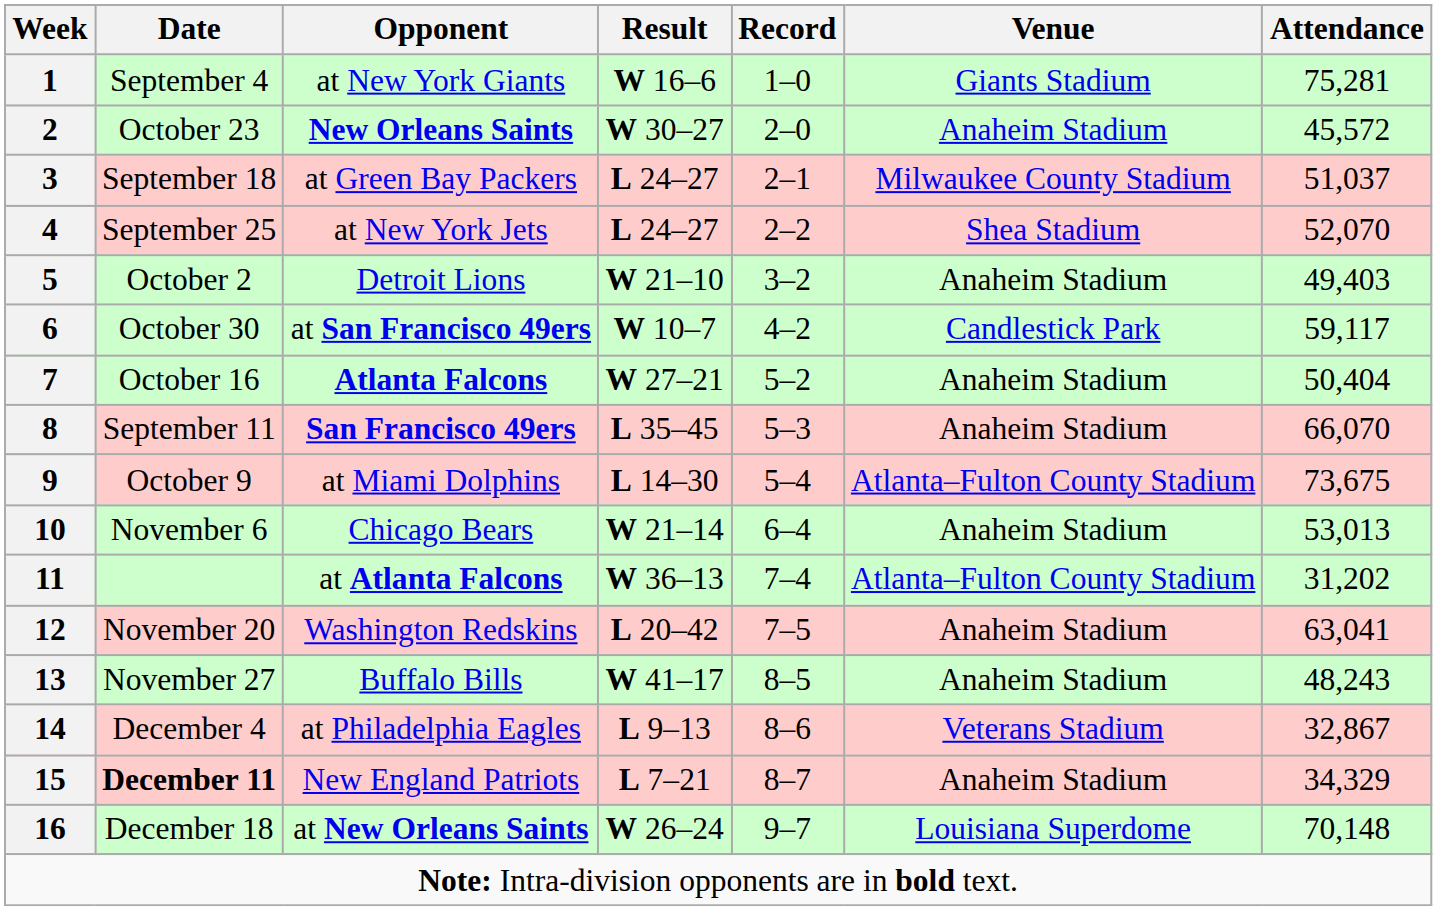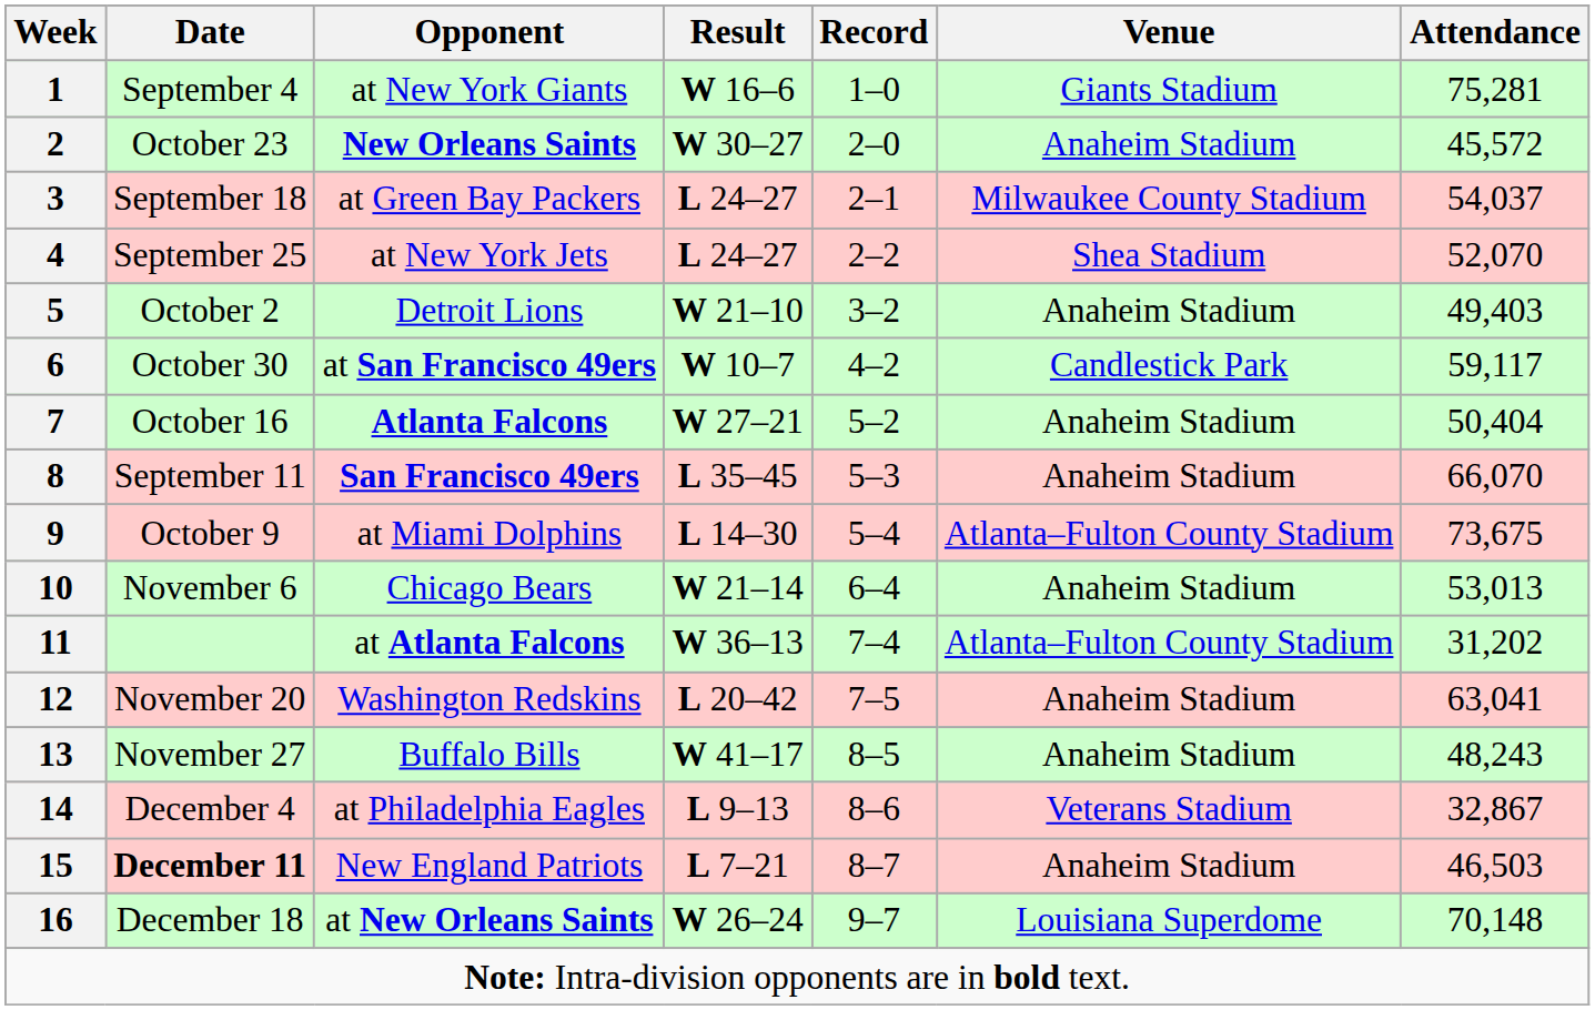 <table class="wikitable" style="text-align:center">
 <tr>
 <th>Week</th>
 <th>Date</th>
 <th>Opponent</th>
 <th>Result</th>
 <th>Record</th>
 <th>Venue</th>
 <th>Attendance</th>
 </tr>
 <tr style="background:#cfc">
 <th>1</th>
 <td>September 4</td>
 <td>at <a href='#'>New York Giants</a></td>
 <td><strong>W</strong> 16–6</td>
 <td>1–0</td>
 <td><a href='#'>Giants Stadium</a></td>
 <td>75,281</td>
 </tr>
 <tr style="background:#cfc">
 <th>2</th>
 <td>October 23</td>
 <td><strong><a href='#'>New Orleans Saints</a></strong></td>
 <td><strong>W</strong> 30–27</td>
 <td>2–0</td>
 <td><a href='#'>Anaheim Stadium</a></td>
 <td>45,572</td>
 </tr>
 <tr style="background:#fcc">
 <th>3</th>
 <td>September 18</td>
 <td>at <a href='#'>Green Bay Packers</a></td>
 <td><strong>L</strong> 24–27</td>
 <td>2–1</td>
 <td><a href='#'>Milwaukee County Stadium</a></td>
-<td>51,037</td>
+<td>54,037</td>
 </tr>
 <tr style="background:#fcc">
 <th>4</th>
 <td>September 25</td>
 <td>at <a href='#'>New York Jets</a></td>
 <td><strong>L</strong> 24–27</td>
 <td>2–2</td>
 <td><a href='#'>Shea Stadium</a></td>
 <td>52,070</td>
 </tr>
 <tr style="background:#cfc">
 <th>5</th>
 <td>October 2</td>
 <td><a href='#'>Detroit Lions</a></td>
 <td><strong>W</strong> 21–10</td>
 <td>3–2</td>
 <td>Anaheim Stadium</td>
 <td>49,403</td>
 </tr>
 <tr style="background:#cfc">
 <th>6</th>
 <td>October 30</td>
 <td>at <strong><a href='#'>San Francisco 49ers</a></strong></td>
 <td><strong>W</strong> 10–7</td>
 <td>4–2</td>
 <td><a href='#'>Candlestick Park</a></td>
 <td>59,117</td>
 </tr>
 <tr style="background:#cfc">
 <th>7</th>
 <td>October 16</td>
 <td><strong><a href='#'>Atlanta Falcons</a></strong></td>
 <td><strong>W</strong> 27–21</td>
 <td>5–2</td>
 <td>Anaheim Stadium</td>
 <td>50,404</td>
 </tr>
 <tr style="background:#fcc">
 <th>8</th>
 <td>September 11</td>
 <td><strong><a href='#'>San Francisco 49ers</a></strong></td>
 <td><strong>L</strong> 35–45</td>
 <td>5–3</td>
 <td>Anaheim Stadium</td>
 <td>66,070</td>
 </tr>
 <tr style="background:#fcc">
 <th>9</th>
 <td>October 9</td>
 <td>at <a href='#'>Miami Dolphins</a></td>
 <td><strong>L</strong> 14–30</td>
 <td>5–4</td>
 <td><a href='#'>Atlanta–Fulton County Stadium</a></td>
 <td>73,675</td>
 </tr>
 <tr style="background:#cfc">
 <th>10</th>
 <td>November 6</td>
 <td><a href='#'>Chicago Bears</a></td>
 <td><strong>W</strong> 21–14</td>
 <td>6–4</td>
 <td>Anaheim Stadium</td>
 <td>53,013</td>
 </tr>
 <tr style="background:#cfc">
 <th>11</th>
 <td></td>
 <td>at <strong><a href='#'>Atlanta Falcons</a></strong></td>
 <td><strong>W</strong> 36–13</td>
 <td>7–4</td>
 <td><a href='#'>Atlanta–Fulton County Stadium</a></td>
 <td>31,202</td>
 </tr>
 <tr style="background:#fcc">
 <th>12</th>
 <td>November 20</td>
 <td><a href='#'>Washington Redskins</a></td>
 <td><strong>L</strong> 20–42</td>
 <td>7–5</td>
 <td>Anaheim Stadium</td>
 <td>63,041</td>
 </tr>
 <tr style="background:#cfc">
 <th>13</th>
 <td>November 27</td>
 <td><a href='#'>Buffalo Bills</a></td>
 <td><strong>W</strong> 41–17</td>
 <td>8–5</td>
 <td>Anaheim Stadium</td>
 <td>48,243</td>
 </tr>
 <tr style="background:#fcc">
 <th>14</th>
 <td>December 4</td>
 <td>at <a href='#'>Philadelphia Eagles</a></td>
 <td><strong>L</strong> 9–13</td>
 <td>8–6</td>
 <td><a href='#'>Veterans Stadium</a></td>
 <td>32,867</td>
 </tr>
 <tr style="background:#fcc">
 <th>15</th>
 <td><strong>December 11</strong></td>
 <td><a href='#'>New England Patriots</a></td>
 <td><strong>L</strong> 7–21</td>
 <td>8–7</td>
 <td>Anaheim Stadium</td>
-<td>34,329</td>
+<td>46,503</td>
 </tr>
 <tr style="background:#cfc">
 <th>16</th>
 <td>December 18</td>
 <td>at <strong><a href='#'>New Orleans Saints</a></strong></td>
 <td><strong>W</strong> 26–24</td>
 <td>9–7</td>
 <td><a href='#'>Louisiana Superdome</a></td>
 <td>70,148</td>
 </tr>
 <tr>
 <td colspan="8"><strong>Note:</strong> Intra-division opponents are in <strong>bold</strong> text.</td>
 </tr>
 </table>
